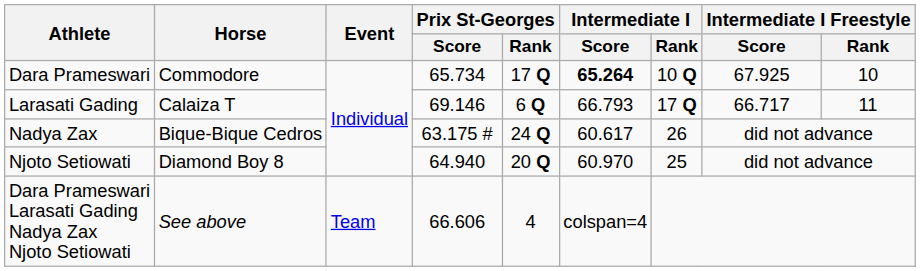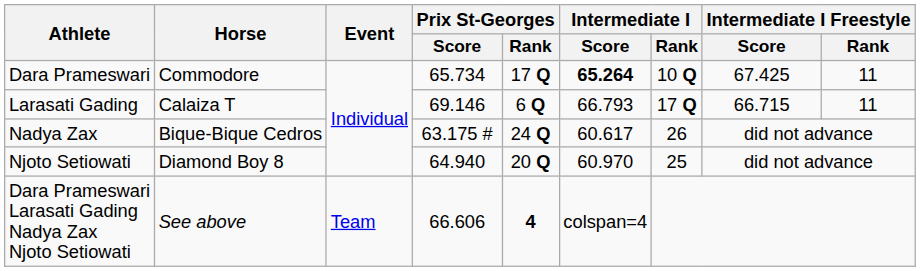 <table class=wikitable style=font-size:90%;text-align:center>
 <tr>
 <th rowspan="2">Athlete</th>
 <th rowspan="2">Horse</th>
 <th rowspan="2">Event</th>
 <th colspan="2">Prix St-Georges</th>
 <th colspan="2">Intermediate I</th>
 <th colspan="2">Intermediate I Freestyle</th>
 </tr>
 <tr style="font-size:95%">
 <th>Score</th>
 <th>Rank</th>
 <th>Score</th>
 <th>Rank</th>
 <th>Score</th>
 <th>Rank</th>
 </tr>
 <tr>
 <td align=left>Dara Prameswari</td>
 <td align=left>Commodore</td>
 <td rowspan=4 align=left><a href='#'>Individual</a></td>
 <td>65.734</td>
 <td>17 <strong>Q</strong></td>
 <td><strong>65.264</strong></td>
 <td>10 <strong>Q</strong></td>
-<td>67.925</td>
-<td>10</td>
+<td>67.425</td>
+<td>11</td>
 </tr>
 <tr>
 <td align=left>Larasati Gading</td>
 <td align=left>Calaiza T</td>
 <td>69.146</td>
 <td>6 <strong>Q</strong></td>
 <td>66.793</td>
 <td>17 <strong>Q</strong></td>
-<td>66.717</td>
+<td>66.715</td>
 <td>11</td>
 </tr>
 <tr>
 <td align=left>Nadya Zax</td>
 <td align=left>Bique-Bique Cedros</td>
 <td>63.175 #</td>
 <td>24 <strong>Q</strong></td>
 <td>60.617</td>
 <td>26</td>
 <td colspan=2>did not advance</td>
 </tr>
 <tr>
 <td align=left>Njoto Setiowati</td>
 <td align=left>Diamond Boy 8</td>
 <td>64.940</td>
 <td>20 <strong>Q</strong></td>
 <td>60.970</td>
 <td>25</td>
 <td colspan=2>did not advance</td>
 </tr>
 <tr>
 <td align=left>Dara Prameswari<br>Larasati Gading<br>Nadya Zax<br>Njoto Setiowati</td>
 <td align=left><em>See above</em></td>
 <td align=left><a href='#'>Team</a></td>
 <td>66.606</td>
-<td>4</td>
+<td><strong>4</strong></td>
 <td>colspan=4 </td>
 </tr>
 </table>
